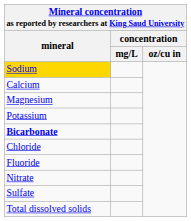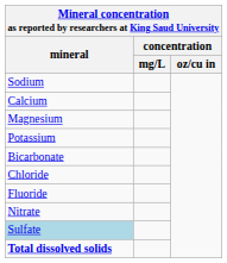 <table class=wikitable>
 <tr>
 <th colspan=3><a href='#'>Mineral concentration</a><br><small>as reported by researchers at <a href='#'>King Saud University</a></small></th>
 </tr>
 <tr>
 <th rowspan=2>mineral</th>
 <th colspan=2>concentration</th>
 </tr>
 <tr>
 <th>mg/L</th>
 <th>oz/cu in</th>
 </tr>
 <tr>
-<td style="background: gold;"><a href='#'>Sodium</a></td>
+<td><a href='#'>Sodium</a></td>
 <td></td>
 </tr>
 <tr>
 <td><a href='#'>Calcium</a></td>
 <td></td>
 </tr>
 <tr>
 <td><a href='#'>Magnesium</a></td>
 <td></td>
 </tr>
 <tr>
 <td><a href='#'>Potassium</a></td>
 <td></td>
 </tr>
 <tr>
-<td><strong><a href='#'>Bicarbonate</a></strong></td>
+<td><a href='#'>Bicarbonate</a></td>
 <td></td>
 </tr>
 <tr>
 <td><a href='#'>Chloride</a></td>
 <td></td>
 </tr>
 <tr>
 <td><a href='#'>Fluoride</a></td>
 <td></td>
 </tr>
 <tr>
 <td><a href='#'>Nitrate</a></td>
 <td></td>
 </tr>
 <tr>
-<td><a href='#'>Sulfate</a></td>
+<td style="background: lightblue;"><a href='#'>Sulfate</a></td>
 <td></td>
 </tr>
 <tr>
-<td><a href='#'>Total dissolved solids</a></td>
+<td><strong><a href='#'>Total dissolved solids</a></strong></td>
 <td></td>
 </tr>
 </table>
